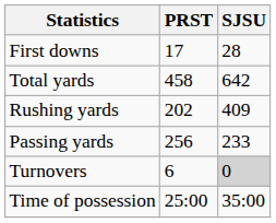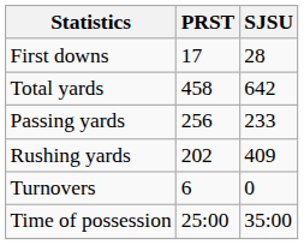 <table class="wikitable">
 <tr>
 <th>Statistics</th>
 <th>PRST</th>
 <th>SJSU</th>
 </tr>
 <tr>
 <td>First downs</td>
 <td>17</td>
 <td>28</td>
 </tr>
 <tr>
 <td>Total yards</td>
 <td>458</td>
 <td>642</td>
 </tr>
 <tr>
+<td>Passing yards</td>
+<td>256</td>
+<td>233</td>
+</tr>
+<tr>
 <td>Rushing yards</td>
 <td>202</td>
 <td>409</td>
 </tr>
 <tr>
-<td>Passing yards</td>
-<td>256</td>
-<td>233</td>
-</tr>
-<tr>
 <td>Turnovers</td>
 <td>6</td>
-<td style="background: lightgrey;">0</td>
+<td>0</td>
 </tr>
 <tr>
 <td>Time of possession</td>
 <td>25:00</td>
 <td>35:00</td>
 </tr>
 <tr>
 </tr>
 </table>
